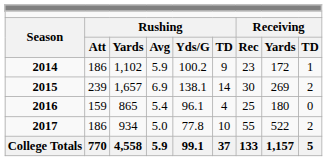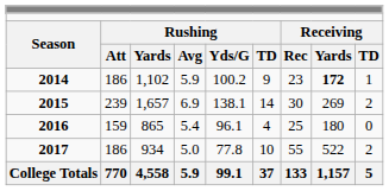 <table class=wikitable style="text-align:center;">
 <tr>
 <td ! colspan="10" style="background:gray; border:2px solid silver; color:white;"></td>
 </tr>
 <tr>
 <td ! colspan="10"></td>
 </tr>
 <tr>
 <th rowspan=2>Season</th>
 <th colspan=5>Rushing</th>
 <th colspan=3>Receiving</th>
 </tr>
 <tr>
 <th>Att</th>
 <th>Yards</th>
 <th>Avg</th>
 <th>Yds/G</th>
 <th>TD</th>
 <th>Rec</th>
 <th>Yards</th>
 <th>TD</th>
 </tr>
 <tr>
 <td><strong>2014</strong></td>
 <td>186</td>
 <td>1,102</td>
 <td>5.9</td>
 <td>100.2</td>
 <td>9</td>
 <td>23</td>
-<td>172</td>
+<td><strong>172</strong></td>
 <td>1</td>
 </tr>
 <tr>
 <td><strong>2015</strong></td>
 <td>239</td>
 <td>1,657</td>
 <td>6.9</td>
 <td>138.1</td>
 <td>14</td>
 <td>30</td>
 <td>269</td>
 <td>2</td>
 </tr>
 <tr>
 <td><strong>2016</strong></td>
 <td>159</td>
 <td>865</td>
 <td>5.4</td>
 <td>96.1</td>
 <td>4</td>
 <td>25</td>
 <td>180</td>
 <td>0</td>
 </tr>
 <tr>
 <td><strong>2017</strong></td>
 <td>186</td>
 <td>934</td>
 <td>5.0</td>
 <td>77.8</td>
 <td>10</td>
 <td>55</td>
 <td>522</td>
 <td>2</td>
 </tr>
 <tr>
 <th>College Totals</th>
 <th>770</th>
 <th>4,558</th>
 <th>5.9</th>
 <th>99.1</th>
 <th>37</th>
 <th>133</th>
 <th>1,157</th>
 <th>5</th>
 </tr>
 </table>
